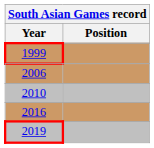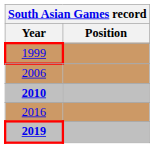 <table class="wikitable" style="text-align: center;">
 <tr>
 <th colspan=6><a href='#'>South Asian Games</a> record</th>
 </tr>
 <tr>
 <th>Year</th>
 <th>Position</th>
 </tr>
 <tr>
 </tr>
 <tr style="background:#c96;">
 <td style="border: 3px solid red"> <a href='#'>1999</a></td>
 <td></td>
 </tr>
 <tr>
 </tr>
 <tr style="background:#c96;">
 <td> <a href='#'>2006</a></td>
 <td></td>
 </tr>
 <tr>
 </tr>
 <tr style="background:silver;">
-<td> <a href='#'>2010</a></td>
+<td><strong> <a href='#'>2010</a></strong></td>
 <td></td>
 </tr>
 <tr>
 </tr>
 <tr style="background:#c96;">
 <td> <a href='#'>2016</a></td>
 <td></td>
 </tr>
 <tr>
 </tr>
 <tr style="background:silver;">
-<td style="border: 3px solid red"> <a href='#'>2019</a></td>
+<td style="border: 3px solid red"><strong> <a href='#'>2019</a></strong></td>
 <td></td>
 </tr>
 </table>
